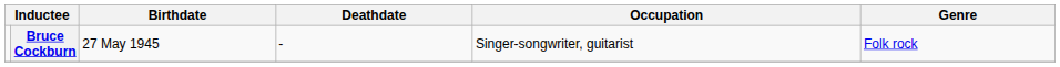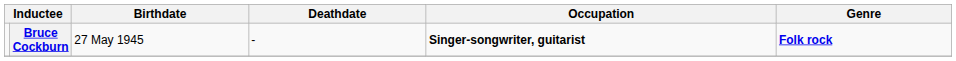 <table class="wikitable" width="100%">
 <tr>
 <th colspan=2>Inductee</th>
 <th width="20%">Birthdate</th>
 <th width="20%">Deathdate</th>
 <th width="40%">Occupation</th>
 <th width="40%">Genre</th>
 </tr>
 <tr>
 <td></td>
 <th><a href='#'>Bruce Cockburn</a></th>
 <td>27 May 1945</td>
 <td>-</td>
-<td>Singer-songwriter, guitarist</td>
-<td><a href='#'>Folk rock</a></td>
+<td><strong>Singer-songwriter, guitarist</strong></td>
+<td><strong><a href='#'>Folk rock</a></strong></td>
 </tr>
 <tr>
 </tr>
 </table>
